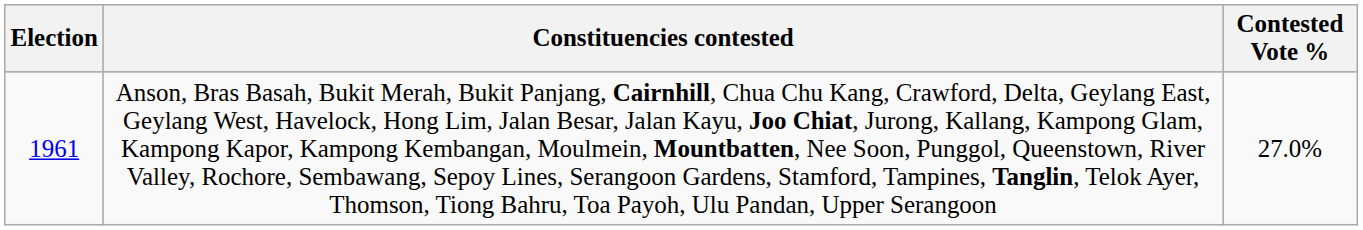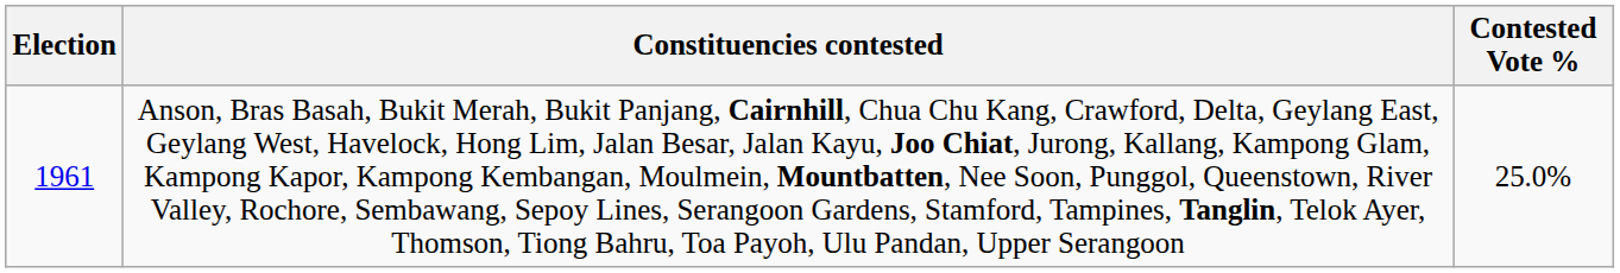 <table class="wikitable" style="text-align: center">
 <tr>
 <th>Election</th>
 <th>Constituencies contested</th>
 <th>Contested Vote %</th>
 </tr>
 <tr>
 <td><a href='#'>1961</a></td>
 <td>Anson, Bras Basah, Bukit Merah, Bukit Panjang,  <strong>Cairnhill</strong>, Chua Chu Kang, Crawford, Delta, Geylang East, Geylang West, Havelock, Hong Lim, Jalan Besar, Jalan Kayu, <strong>Joo Chiat</strong>, Jurong, Kallang, Kampong Glam, Kampong Kapor, Kampong Kembangan, Moulmein, <strong>Mountbatten</strong>, Nee Soon, Punggol, Queenstown, River Valley, Rochore, Sembawang, Sepoy Lines, Serangoon Gardens, Stamford, Tampines, <strong>Tanglin</strong>, Telok Ayer, Thomson, Tiong Bahru, Toa Payoh, Ulu Pandan, Upper Serangoon</td>
-<td>27.0%</td>
+<td>25.0%</td>
 </tr>
 </table>
